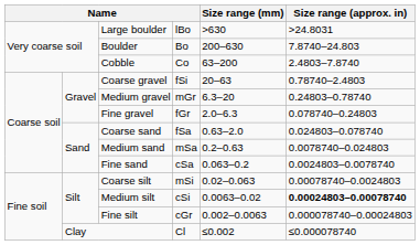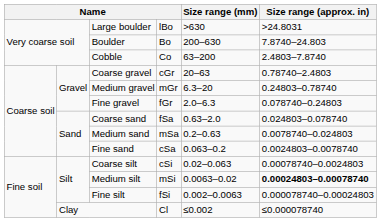 <table class="wikitable">
 <tr>
 <th colspan=4>Name</th>
 <th>Size range (mm)</th>
 <th>Size range (approx. in)</th>
 </tr>
 <tr>
 <td colspan=2 rowspan=3>Very coarse soil</td>
 <td>Large boulder</td>
 <td>lBo</td>
 <td>>630</td>
 <td>>24.8031</td>
 </tr>
 <tr>
 <td>Boulder</td>
 <td>Bo</td>
 <td>200–630</td>
 <td>7.8740–24.803</td>
 </tr>
 <tr>
 <td>Cobble</td>
 <td>Co</td>
 <td>63–200</td>
 <td>2.4803–7.8740</td>
 </tr>
 <tr>
 <td rowspan=6>Coarse soil</td>
 <td rowspan=3>Gravel</td>
 <td>Coarse gravel</td>
-<td>fSi</td>
+<td>cGr</td>
 <td>20–63</td>
 <td>0.78740–2.4803</td>
 </tr>
 <tr>
 <td>Medium gravel</td>
 <td>mGr</td>
 <td>6.3–20</td>
 <td>0.24803–0.78740</td>
 </tr>
 <tr>
 <td>Fine gravel</td>
 <td>fGr</td>
 <td>2.0–6.3</td>
 <td>0.078740–0.24803</td>
 </tr>
 <tr>
 <td rowspan=3>Sand</td>
 <td>Coarse sand</td>
 <td>fSa</td>
 <td>0.63–2.0</td>
 <td>0.024803–0.078740</td>
 </tr>
 <tr>
 <td>Medium sand</td>
 <td>mSa</td>
 <td>0.2–0.63</td>
 <td>0.0078740–0.024803</td>
 </tr>
 <tr>
 <td>Fine sand</td>
 <td>cSa</td>
 <td>0.063–0.2</td>
 <td>0.0024803–0.0078740</td>
 </tr>
 <tr>
 <td rowspan=4>Fine soil</td>
 <td rowspan=3>Silt</td>
 <td>Coarse silt</td>
-<td>mSi</td>
+<td>cSi</td>
 <td>0.02–0.063</td>
 <td>0.00078740–0.0024803</td>
 </tr>
 <tr>
 <td>Medium silt</td>
-<td>cSi</td>
+<td>mSi</td>
 <td>0.0063–0.02</td>
 <td><strong>0.00024803–0.00078740</strong></td>
 </tr>
 <tr>
 <td>Fine silt</td>
-<td>cGr</td>
+<td>fSi</td>
 <td>0.002–0.0063</td>
 <td>0.000078740–0.00024803</td>
 </tr>
 <tr>
 <td colspan=2>Clay</td>
 <td>Cl</td>
 <td>≤0.002</td>
 <td>≤0.000078740</td>
 </tr>
 </table>
